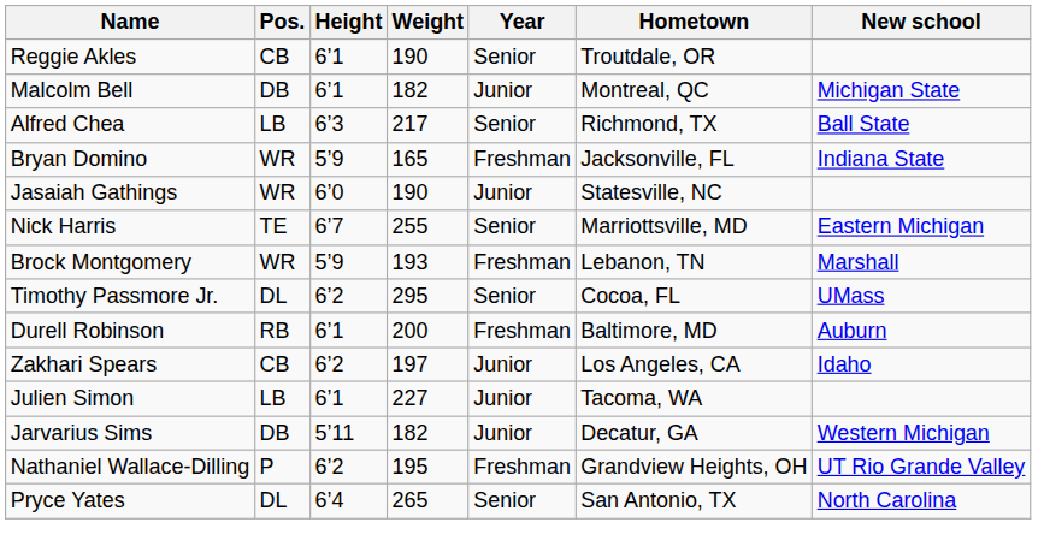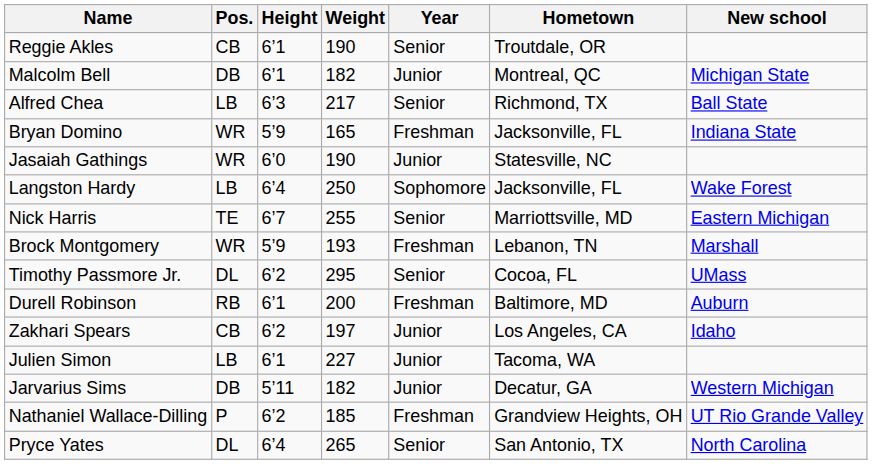 <table class="wikitable sortable">
 <tr>
 <th style="text-align:center; ">Name</th>
 <th style="text-align:center; ">Pos.</th>
 <th style="text-align:center; ">Height</th>
 <th style="text-align:center; ">Weight</th>
 <th style="text-align:center; ">Year</th>
 <th style="text-align:center; ">Hometown</th>
 <th style="text-align:center; ">New school</th>
 </tr>
 <tr>
 <td>Reggie Akles</td>
 <td>CB</td>
 <td>6’1</td>
 <td>190</td>
 <td>Senior</td>
 <td>Troutdale, OR</td>
 <td></td>
 </tr>
 <tr>
 <td>Malcolm Bell</td>
 <td>DB</td>
 <td>6’1</td>
 <td>182</td>
 <td> Junior</td>
 <td>Montreal, QC</td>
 <td><a href='#'>Michigan State</a></td>
 </tr>
 <tr>
 <td>Alfred Chea</td>
 <td>LB</td>
 <td>6’3</td>
 <td>217</td>
 <td>Senior</td>
 <td>Richmond, TX</td>
 <td><a href='#'>Ball State</a></td>
 </tr>
 <tr>
 <td>Bryan Domino</td>
 <td>WR</td>
 <td>5’9</td>
 <td>165</td>
 <td> Freshman</td>
 <td>Jacksonville, FL</td>
 <td><a href='#'>Indiana State</a></td>
 </tr>
 <tr>
 <td>Jasaiah Gathings</td>
 <td>WR</td>
 <td>6’0</td>
 <td>190</td>
 <td> Junior</td>
 <td>Statesville, NC</td>
 <td></td>
+</tr>
+<tr>
+<td>Langston Hardy</td>
+<td>LB</td>
+<td>6’4</td>
+<td>250</td>
+<td> Sophomore</td>
+<td>Jacksonville, FL</td>
+<td><a href='#'>Wake Forest</a></td>
 </tr>
 <tr>
 <td>Nick Harris</td>
 <td>TE</td>
 <td>6’7</td>
 <td>255</td>
 <td>Senior</td>
 <td>Marriottsville, MD</td>
 <td><a href='#'>Eastern Michigan</a></td>
 </tr>
 <tr>
 <td>Brock Montgomery</td>
 <td>WR</td>
 <td>5’9</td>
 <td>193</td>
 <td>Freshman</td>
 <td>Lebanon, TN</td>
 <td><a href='#'>Marshall</a></td>
 </tr>
 <tr>
 <td>Timothy Passmore Jr.</td>
 <td>DL</td>
 <td>6’2</td>
 <td>295</td>
 <td>Senior</td>
 <td>Cocoa, FL</td>
 <td><a href='#'>UMass</a></td>
 </tr>
 <tr>
 <td>Durell Robinson</td>
 <td>RB</td>
 <td>6’1</td>
 <td>200</td>
 <td> Freshman</td>
 <td>Baltimore, MD</td>
 <td><a href='#'>Auburn</a></td>
 </tr>
 <tr>
 <td>Zakhari Spears</td>
 <td>CB</td>
 <td>6’2</td>
 <td>197</td>
 <td> Junior</td>
 <td>Los Angeles, CA</td>
 <td><a href='#'>Idaho</a></td>
 </tr>
 <tr>
 <td>Julien Simon</td>
 <td>LB</td>
 <td>6’1</td>
 <td>227</td>
 <td> Junior</td>
 <td>Tacoma, WA</td>
 <td></td>
 </tr>
 <tr>
 <td>Jarvarius Sims</td>
 <td>DB</td>
 <td>5’11</td>
 <td>182</td>
 <td>Junior</td>
 <td>Decatur, GA</td>
 <td><a href='#'>Western Michigan</a></td>
 </tr>
 <tr>
 <td>Nathaniel Wallace-Dilling</td>
 <td>P</td>
 <td>6’2</td>
-<td>195</td>
+<td>185</td>
 <td> Freshman</td>
 <td>Grandview Heights, OH</td>
 <td><a href='#'>UT Rio Grande Valley</a></td>
 </tr>
 <tr>
 <td>Pryce Yates</td>
 <td>DL</td>
 <td>6’4</td>
 <td>265</td>
 <td>Senior</td>
 <td>San Antonio, TX</td>
 <td><a href='#'>North Carolina</a></td>
 </tr>
 </table>
